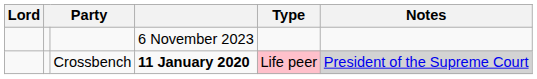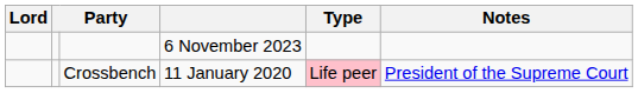 <table class="wikitable sortable">
 <tr>
 <th>Lord</th>
 <th colspan=2>Party</th>
 <th></th>
 <th>Type</th>
 <th>Notes</th>
 </tr>
 <tr>
 <td></td>
 <td></td>
 <td></td>
 <td>6 November 2023</td>
 <td></td>
 <td></td>
 </tr>
 <tr>
 <td></td>
 <td></td>
 <td>Crossbench</td>
-<td><strong>11 January 2020</strong></td>
+<td>11 January 2020</td>
 <td style="background: pink;">Life peer</td>
-<td style="background: lightgrey;"><a href='#'>President of the Supreme Court</a></td>
+<td><a href='#'>President of the Supreme Court</a></td>
 </tr>
 </table>
